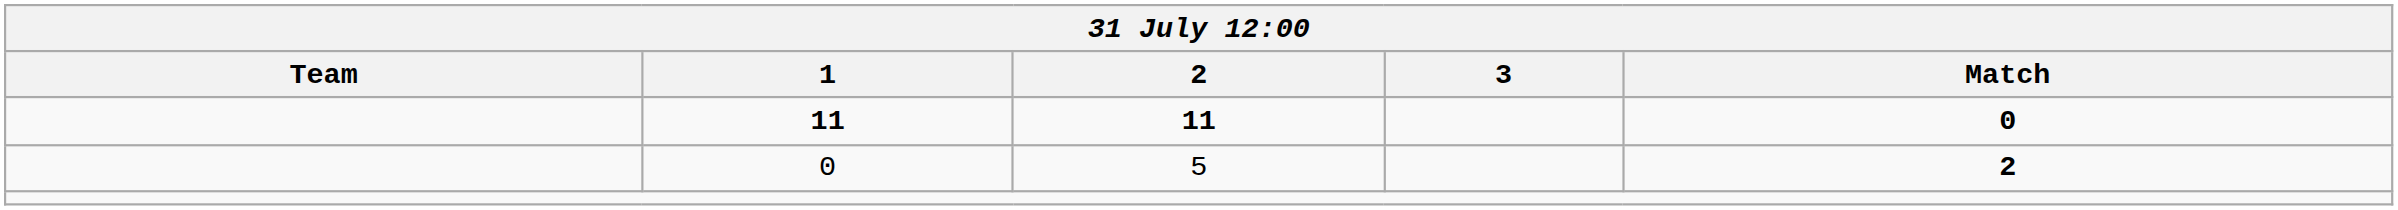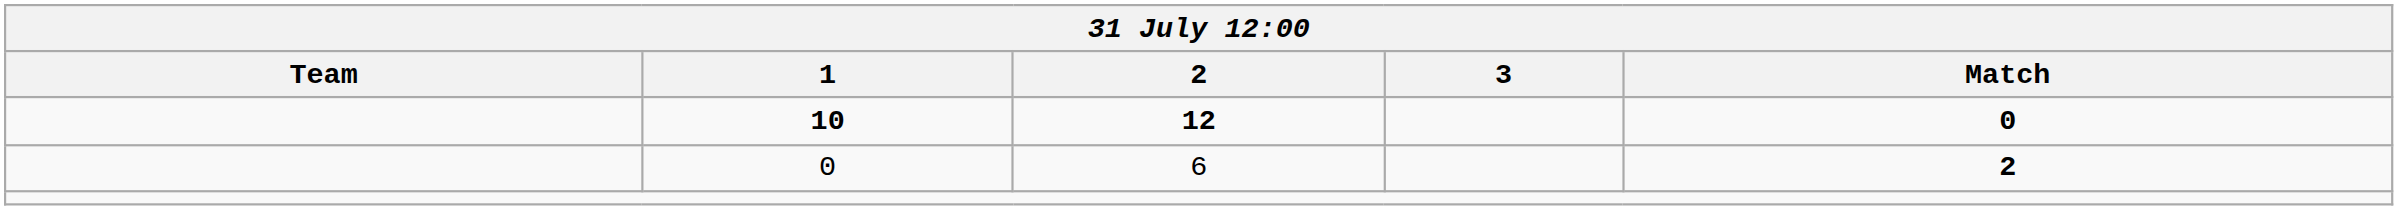 <table class=wikitable style="text-align:center; width: 55%">
 <tr>
 <th colspan=10><em>31 July 12:00</em></th>
 </tr>
 <tr>
 <th>Team</th>
 <th>1</th>
 <th>2</th>
 <th>3</th>
 <th>Match</th>
 </tr>
 <tr>
 <td align=left><strong><br></strong></td>
-<td><strong>11</strong></td>
-<td><strong>11</strong></td>
+<td><strong>10</strong></td>
+<td><strong>12</strong></td>
 <td></td>
 <td><strong>0</strong></td>
 </tr>
 <tr>
 <td align=left><br></td>
 <td>0</td>
-<td>5</td>
+<td>6</td>
 <td></td>
 <td><strong>2</strong></td>
 </tr>
 <tr>
 <td colspan=10></td>
 </tr>
 </table>
